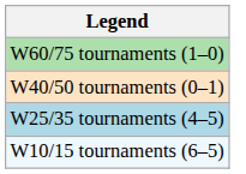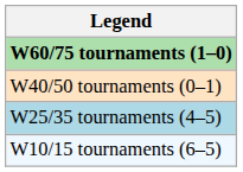 <table class=wikitable style="font-size:85%;">
 <tr>
 <th>Legend</th>
 </tr>
 <tr style="background:#addfad;">
-<td>W60/75 tournaments (1–0)</td>
+<td><strong>W60/75 tournaments (1–0)</strong></td>
 </tr>
 <tr style="background:#ffe4c4;">
 <td>W40/50 tournaments (0–1)</td>
 </tr>
 <tr style="background:lightblue;">
 <td>W25/35 tournaments (4–5)</td>
 </tr>
 <tr style="background:#f0f8ff;">
 <td>W10/15 tournaments (6–5)</td>
 </tr>
 </table>
